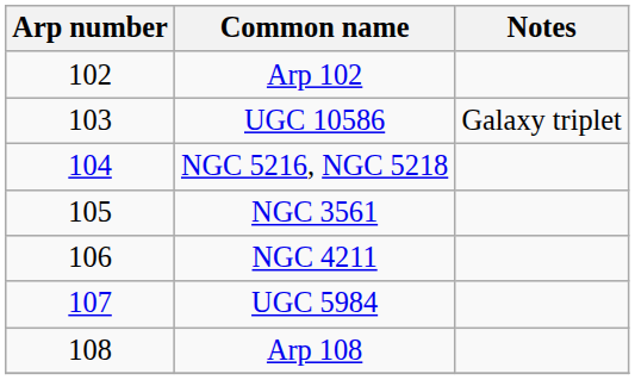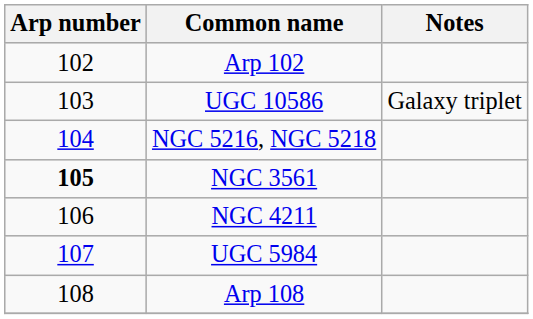 <table class="wikitable" style="text-align:center;">
 <tr>
 <th>Arp number</th>
 <th>Common name</th>
 <th>Notes</th>
 </tr>
 <tr>
 <td>102</td>
 <td><a href='#'>Arp 102</a></td>
 <td></td>
 </tr>
 <tr>
 <td>103</td>
 <td><a href='#'>UGC 10586</a></td>
 <td>Galaxy triplet</td>
 </tr>
 <tr>
 <td><a href='#'>104</a></td>
 <td><a href='#'>NGC 5216</a>, <a href='#'>NGC 5218</a></td>
 <td></td>
 </tr>
 <tr>
-<td>105</td>
+<td><strong>105</strong></td>
 <td><a href='#'>NGC 3561</a></td>
 <td></td>
 </tr>
 <tr>
 <td>106</td>
 <td><a href='#'>NGC 4211</a></td>
 <td></td>
 </tr>
 <tr>
 <td><a href='#'>107</a></td>
 <td><a href='#'>UGC 5984</a></td>
 <td></td>
 </tr>
 <tr>
 <td>108</td>
 <td><a href='#'>Arp 108</a></td>
 <td></td>
 </tr>
 <tr>
 </tr>
 </table>
